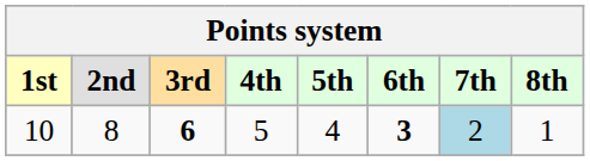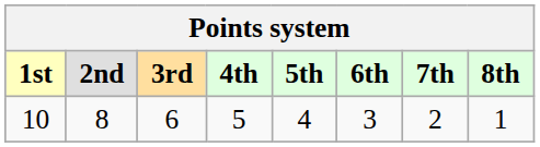 <table class="wikitable" style="font-size:95%; text-align:center">
 <tr>
 <th colspan="19">Points system</th>
 </tr>
 <tr>
 <td style="background:#ffffbf;"> <strong>1st</strong> </td>
 <td style="background:#dfdfdf;"> <strong>2nd</strong> </td>
 <td style="background:#ffdf9f;"> <strong>3rd</strong> </td>
 <td style="background:#dfffdf;"> <strong>4th</strong> </td>
 <td style="background:#dfffdf;"> <strong>5th</strong> </td>
 <td style="background:#dfffdf;"> <strong>6th</strong> </td>
 <td style="background:#dfffdf;"> <strong>7th</strong> </td>
 <td style="background:#dfffdf;"> <strong>8th</strong> </td>
 </tr>
 <tr>
 <td>10</td>
 <td>8</td>
-<td><strong>6</strong></td>
+<td>6</td>
 <td>5</td>
 <td>4</td>
-<td><strong>3</strong></td>
-<td style="background: lightblue;">2</td>
+<td>3</td>
+<td>2</td>
 <td>1</td>
 </tr>
 </table>
